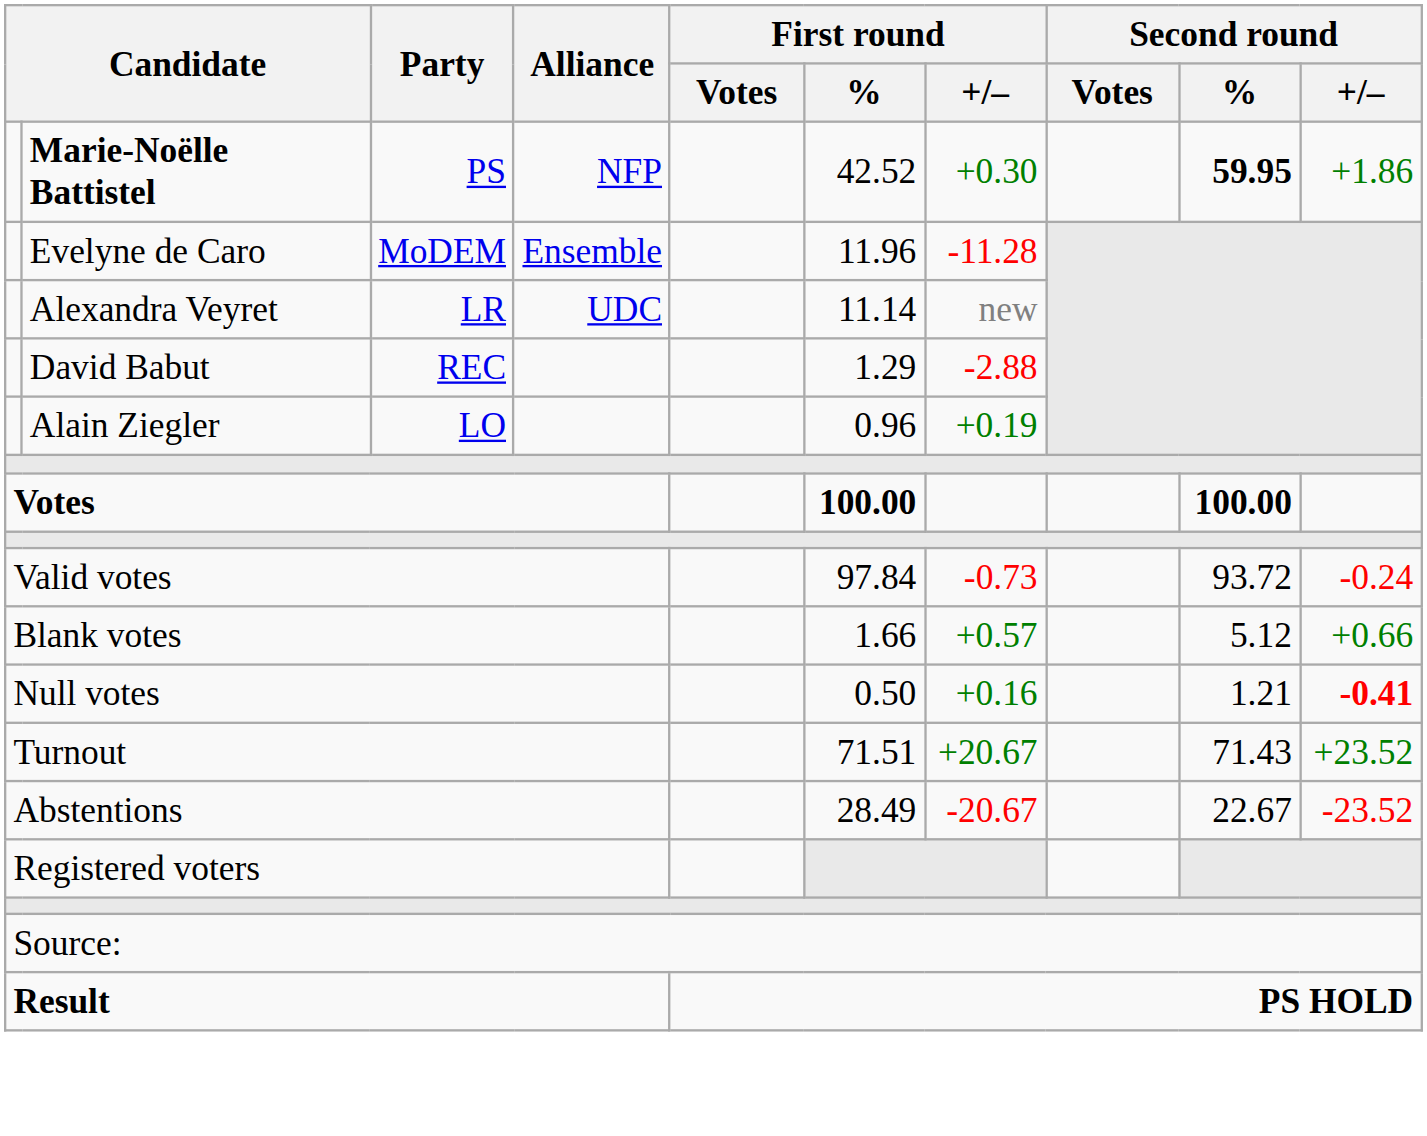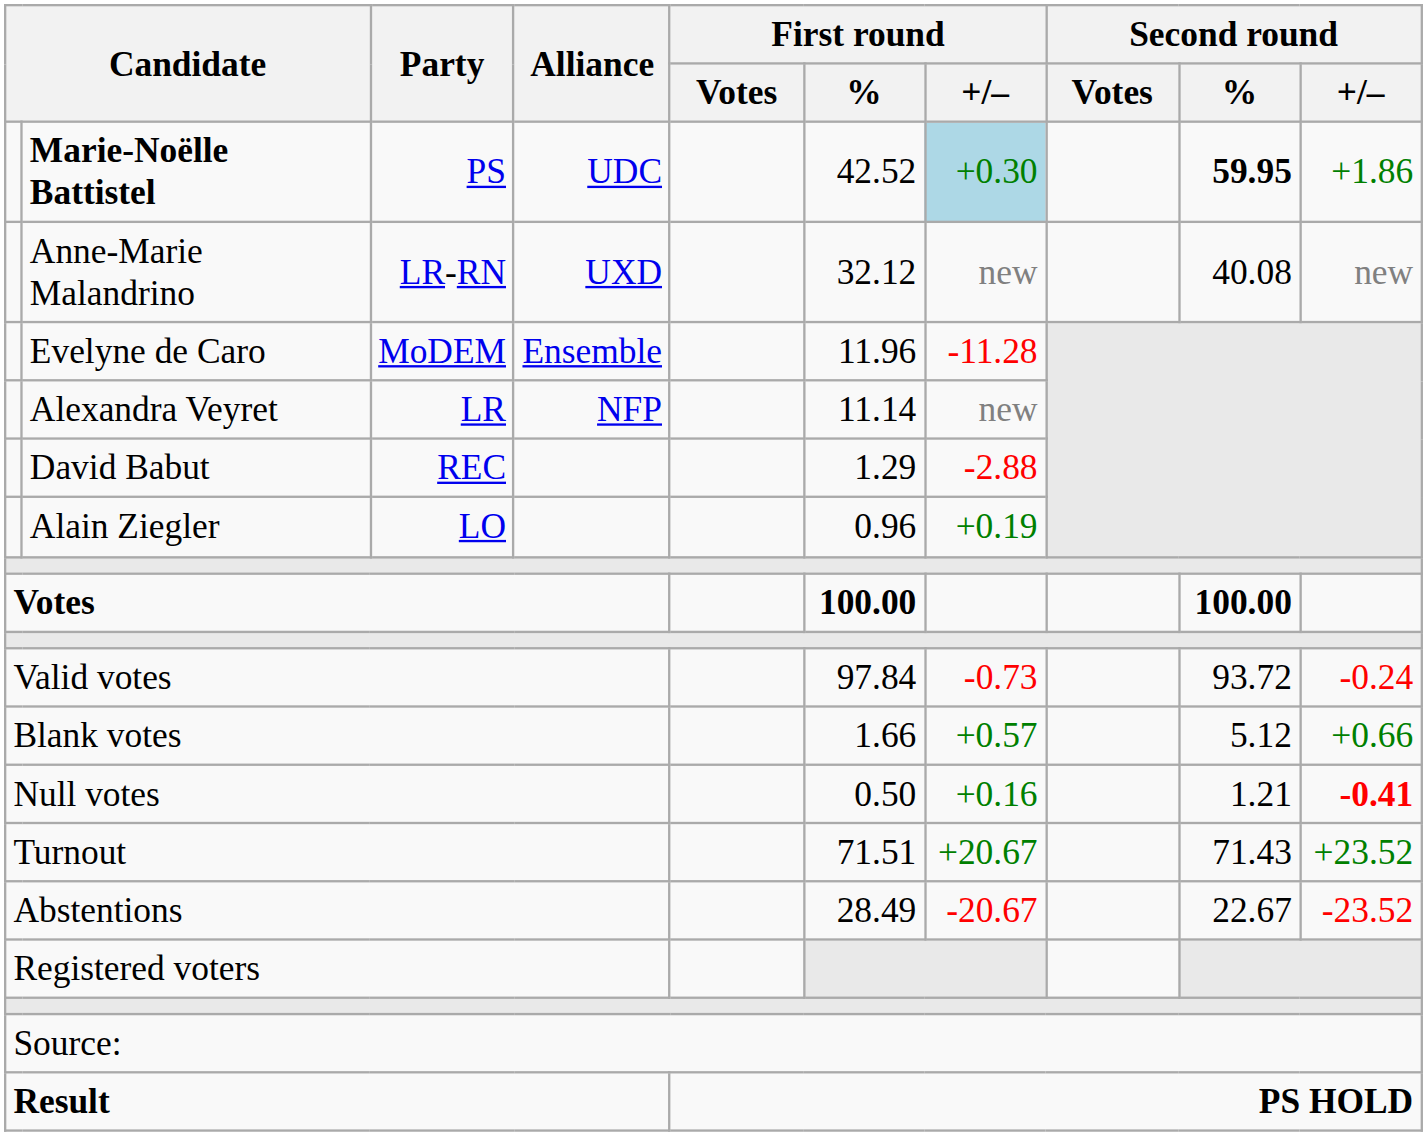 <table class="wikitable" style="text-align:right;font-size:95%;">
 <tr>
 <th rowspan="2" colspan="2">Candidate</th>
 <th colspan="1" rowspan="2">Party</th>
 <th colspan="1" rowspan="2">Alliance</th>
 <th colspan="3">First round</th>
 <th colspan="3">Second round</th>
 </tr>
 <tr>
 <th style="width:50px;">Votes</th>
 <th style="width:45px;">%</th>
 <th style="width:45px;">+/–</th>
 <th style="width:50px;">Votes</th>
 <th style="width:45px;">%</th>
 <th style="width:45px;">+/–</th>
 </tr>
 <tr>
 <td style="color:inherit;background:"></td>
 <td style="text-align:left;"><strong>Marie-Noëlle Battistel</strong></td>
 <td><a href='#'>PS</a></td>
-<td><a href='#'>NFP</a></td>
+<td><a href='#'>UDC</a></td>
 <td></td>
 <td>42.52</td>
-<td style="color:green;">+0.30</td>
+<td style="background: lightblue; color:green;">+0.30</td>
 <td><strong></strong></td>
 <td><strong>59.95</strong></td>
 <td style="color:green;">+1.86</td>
+</tr>
+<tr>
+<td style="color:inherit;background:"></td>
+<td style="text-align:left;">Anne-Marie Malandrino</td>
+<td><a href='#'>LR</a>-<a href='#'>RN</a></td>
+<td><a href='#'>UXD</a></td>
+<td></td>
+<td>32.12</td>
+<td style="color:grey;">new</td>
+<td></td>
+<td>40.08</td>
+<td style="color:grey;">new</td>
 </tr>
 <tr>
 <td style="color:inherit;background:"></td>
 <td style="text-align:left;">Evelyne de Caro</td>
 <td><a href='#'>MoDEM</a></td>
 <td><a href='#'>Ensemble</a></td>
 <td></td>
 <td>11.96</td>
 <td style="color:red;">-11.28</td>
 <td colspan="3" rowspan="4" style="background:#E9E9E9;"></td>
 </tr>
 <tr>
 <td style="color:inherit;background:"></td>
 <td style="text-align:left;">Alexandra Veyret</td>
 <td><a href='#'>LR</a></td>
-<td><a href='#'>UDC</a></td>
+<td><a href='#'>NFP</a></td>
 <td></td>
 <td>11.14</td>
 <td style="color:grey;">new</td>
 </tr>
 <tr>
 <td style="color:inherit;background:"></td>
 <td style="text-align:left;">David Babut</td>
 <td><a href='#'>REC</a></td>
 <td></td>
 <td></td>
 <td>1.29</td>
 <td style="color:red;">-2.88</td>
 </tr>
 <tr>
 <td style="color:inherit;background:"></td>
 <td style="text-align:left;">Alain Ziegler</td>
 <td><a href='#'>LO</a></td>
 <td></td>
 <td></td>
 <td>0.96</td>
 <td style="color:green;">+0.19</td>
 </tr>
 <tr>
 <td colspan="10" style="background:#E9E9E9;"></td>
 </tr>
 <tr style="font-weight:bold;">
 <td colspan="4" style="text-align:left;">Votes</td>
 <td></td>
 <td>100.00</td>
 <td></td>
 <td></td>
 <td>100.00</td>
 <td></td>
 </tr>
 <tr>
 <td colspan="10" style="background:#E9E9E9;"></td>
 </tr>
 <tr>
 <td colspan="4" style="text-align:left;">Valid votes</td>
 <td></td>
 <td>97.84</td>
 <td style="color:red;">-0.73</td>
 <td></td>
 <td>93.72</td>
 <td style="color:red;">-0.24</td>
 </tr>
 <tr>
 <td colspan="4" style="text-align:left;">Blank votes</td>
 <td></td>
 <td>1.66</td>
 <td style="color:green;">+0.57</td>
 <td></td>
 <td>5.12</td>
 <td style="color:green;">+0.66</td>
 </tr>
 <tr>
 <td colspan="4" style="text-align:left;">Null votes</td>
 <td></td>
 <td>0.50</td>
 <td style="color:green;">+0.16</td>
 <td></td>
 <td>1.21</td>
 <td style="color:red;"><strong>-0.41</strong></td>
 </tr>
 <tr>
 <td colspan="4" style="text-align:left;">Turnout</td>
 <td></td>
 <td>71.51</td>
 <td style="color:green;">+20.67</td>
 <td></td>
 <td>71.43</td>
 <td style="color:green;">+23.52</td>
 </tr>
 <tr>
 <td colspan="4" style="text-align:left;">Abstentions</td>
 <td></td>
 <td>28.49</td>
 <td style="color:red;">-20.67</td>
 <td></td>
 <td>22.67</td>
 <td style="color:red;">-23.52</td>
 </tr>
 <tr>
 <td colspan="4" style="text-align:left;">Registered voters</td>
 <td></td>
 <td colspan="2" style="background:#E9E9E9;"></td>
 <td></td>
 <td colspan="2" style="background:#E9E9E9;"></td>
 </tr>
 <tr>
 <td colspan="10" style="background:#E9E9E9;"></td>
 </tr>
 <tr>
 <td colspan="10" style="text-align:left;">Source: </td>
 </tr>
 <tr style="font-weight:bold">
 <td colspan="4" style="text-align:left;">Result</td>
 <td colspan="6" style="background-color:">PS HOLD</td>
 </tr>
 </table>
